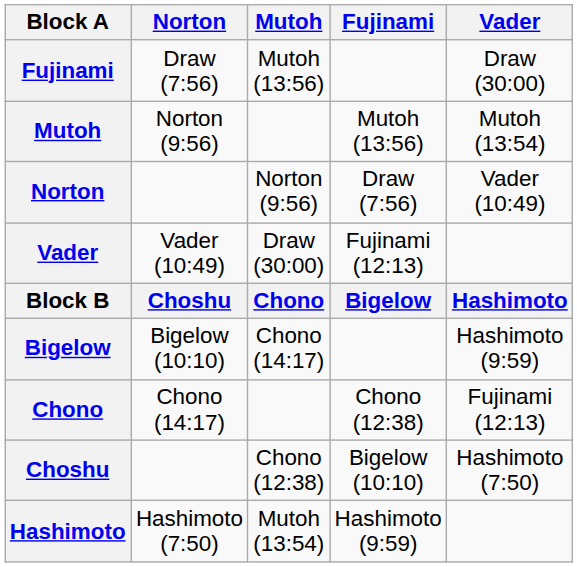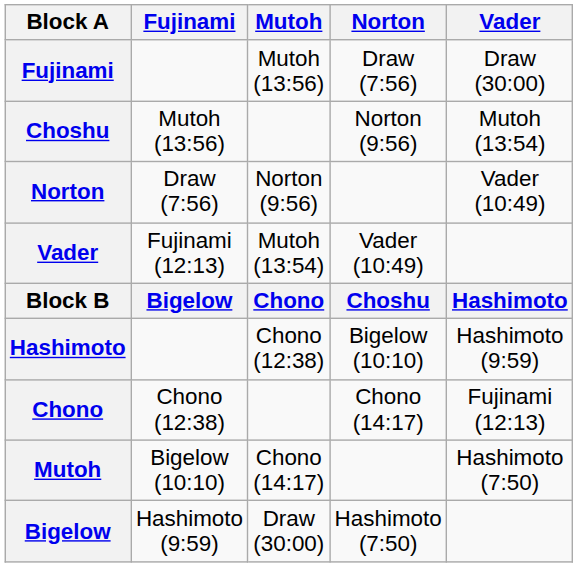 <table class="wikitable" style="margin: 1em auto 1em auto">
 <tr align="center">
 <th>Block A</th>
+<th><a href='#'>Fujinami</a></th>
+<th><a href='#'>Mutoh</a></th>
 <th><a href='#'>Norton</a></th>
-<th><a href='#'>Mutoh</a></th>
-<th><a href='#'>Fujinami</a></th>
 <th><a href='#'>Vader</a></th>
 </tr>
 <tr align="center">
 <th><a href='#'>Fujinami</a></th>
+<td></td>
+<td>Mutoh<br>(13:56)</td>
 <td>Draw<br>(7:56)</td>
-<td>Mutoh<br>(13:56)</td>
-<td></td>
 <td>Draw<br>(30:00)</td>
 </tr>
 <tr align="center">
-<th><a href='#'>Mutoh</a></th>
+<th><a href='#'>Choshu</a></th>
+<td>Mutoh<br>(13:56)</td>
+<td></td>
 <td>Norton<br>(9:56)</td>
-<td></td>
-<td>Mutoh<br>(13:56)</td>
 <td>Mutoh<br>(13:54)</td>
 </tr>
 <tr align="center">
 <th><a href='#'>Norton</a></th>
+<td>Draw<br>(7:56)</td>
+<td>Norton<br>(9:56)</td>
 <td></td>
-<td>Norton<br>(9:56)</td>
-<td>Draw<br>(7:56)</td>
 <td>Vader<br>(10:49)</td>
 </tr>
 <tr align="center">
 <th><a href='#'>Vader</a></th>
+<td>Fujinami<br>(12:13)</td>
+<td>Mutoh<br>(13:54)</td>
 <td>Vader<br>(10:49)</td>
-<td>Draw<br>(30:00)</td>
-<td>Fujinami<br>(12:13)</td>
 <td></td>
 </tr>
 <tr align="center">
 <th>Block B</th>
+<th><a href='#'>Bigelow</a></th>
+<th><a href='#'>Chono</a></th>
 <th><a href='#'>Choshu</a></th>
-<th><a href='#'>Chono</a></th>
-<th><a href='#'>Bigelow</a></th>
 <th><a href='#'>Hashimoto</a></th>
 </tr>
 <tr align="center">
-<th><a href='#'>Bigelow</a></th>
+<th><a href='#'>Hashimoto</a></th>
+<td></td>
+<td>Chono<br>(12:38)</td>
 <td>Bigelow<br>(10:10)</td>
-<td>Chono<br>(14:17)</td>
-<td></td>
 <td>Hashimoto<br>(9:59)</td>
 </tr>
 <tr align="center">
 <th><a href='#'>Chono</a></th>
+<td>Chono<br>(12:38)</td>
+<td></td>
 <td>Chono<br>(14:17)</td>
-<td></td>
-<td>Chono<br>(12:38)</td>
 <td>Fujinami<br>(12:13)</td>
 </tr>
 <tr align="center">
-<th><a href='#'>Choshu</a></th>
+<th><a href='#'>Mutoh</a></th>
+<td>Bigelow<br>(10:10)</td>
+<td>Chono<br>(14:17)</td>
 <td></td>
-<td>Chono<br>(12:38)</td>
-<td>Bigelow<br>(10:10)</td>
 <td>Hashimoto<br>(7:50)</td>
 </tr>
 <tr align="center">
-<th><a href='#'>Hashimoto</a></th>
+<th><a href='#'>Bigelow</a></th>
+<td>Hashimoto<br>(9:59)</td>
+<td>Draw<br>(30:00)</td>
 <td>Hashimoto<br>(7:50)</td>
-<td>Mutoh<br>(13:54)</td>
-<td>Hashimoto<br>(9:59)</td>
 <td></td>
 </tr>
 </table>
